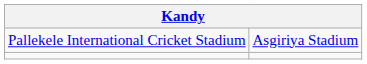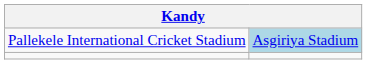 <table class="wikitable">
 <tr>
 <th colspan="2"><a href='#'>Kandy</a></th>
 </tr>
 <tr>
 <td style="text-align: center;"><a href='#'>Pallekele International Cricket Stadium</a></td>
-<td style="text-align: center;"><a href='#'>Asgiriya Stadium</a></td>
+<td style="background: lightblue; text-align: center;"><a href='#'>Asgiriya Stadium</a></td>
 </tr>
 <tr>
 <td></td>
 <td></td>
 </tr>
 </table>
